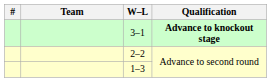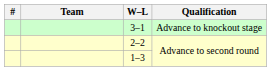 <table class=wikitable style="text-align:center;">
 <tr>
 <th width=20px>#</th>
 <th width=160px>Team</th>
 <th width=40px>W–L</th>
 <th width=180px>Qualification</th>
 </tr>
 <tr bgcolor=#CCFFCC>
 <td></td>
 <td align=left></td>
 <td>3–1</td>
-<td><strong>Advance to knockout stage</strong></td>
+<td>Advance to knockout stage</td>
 </tr>
 <tr bgcolor=#FFFFCC>
 <td></td>
 <td align=left></td>
 <td>2–2</td>
 <td rowspan=2>Advance to second round</td>
 </tr>
 <tr bgcolor=#FFFFCC>
 <td></td>
 <td align=left></td>
 <td>1–3</td>
 </tr>
 </table>
